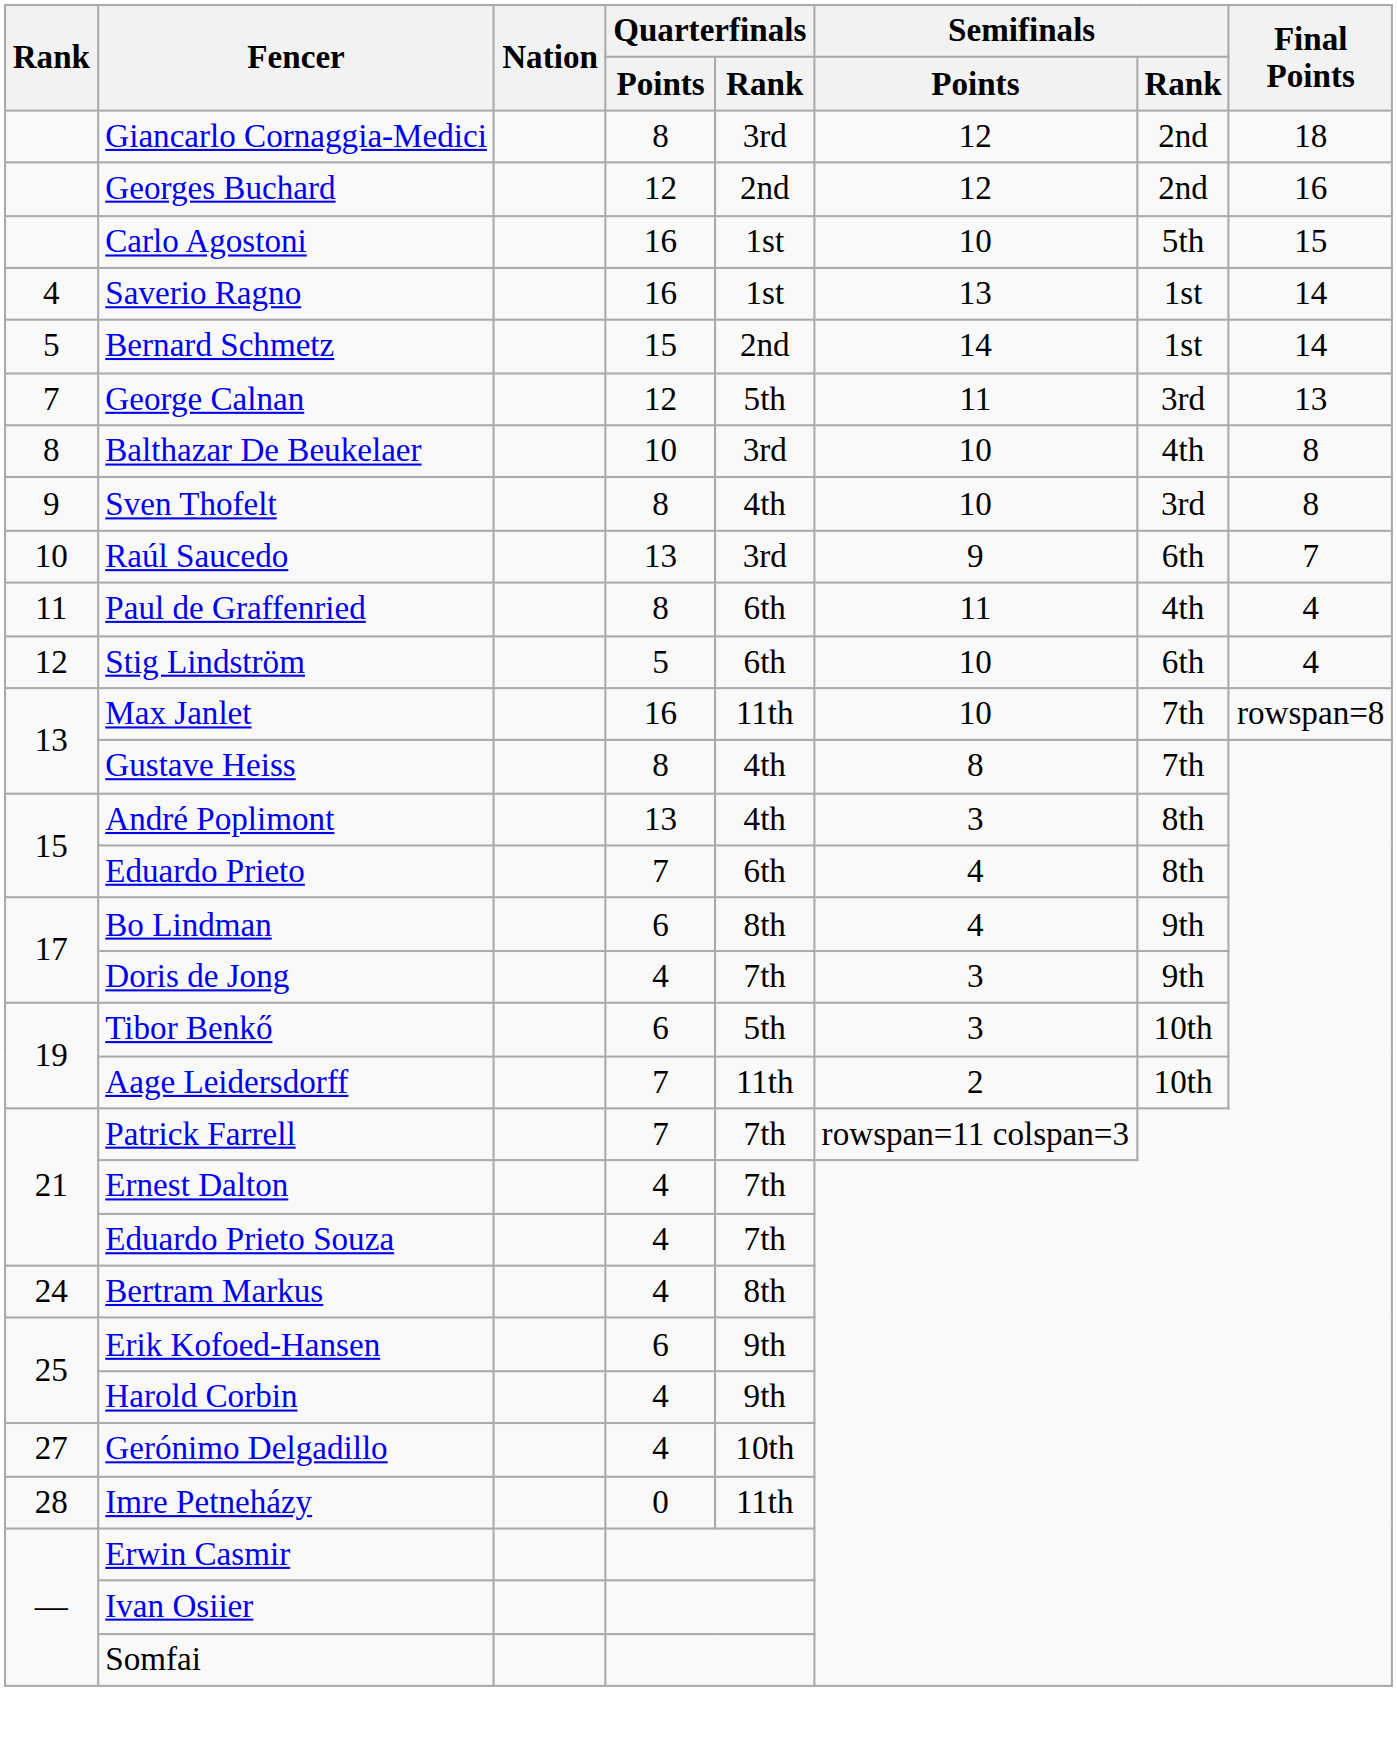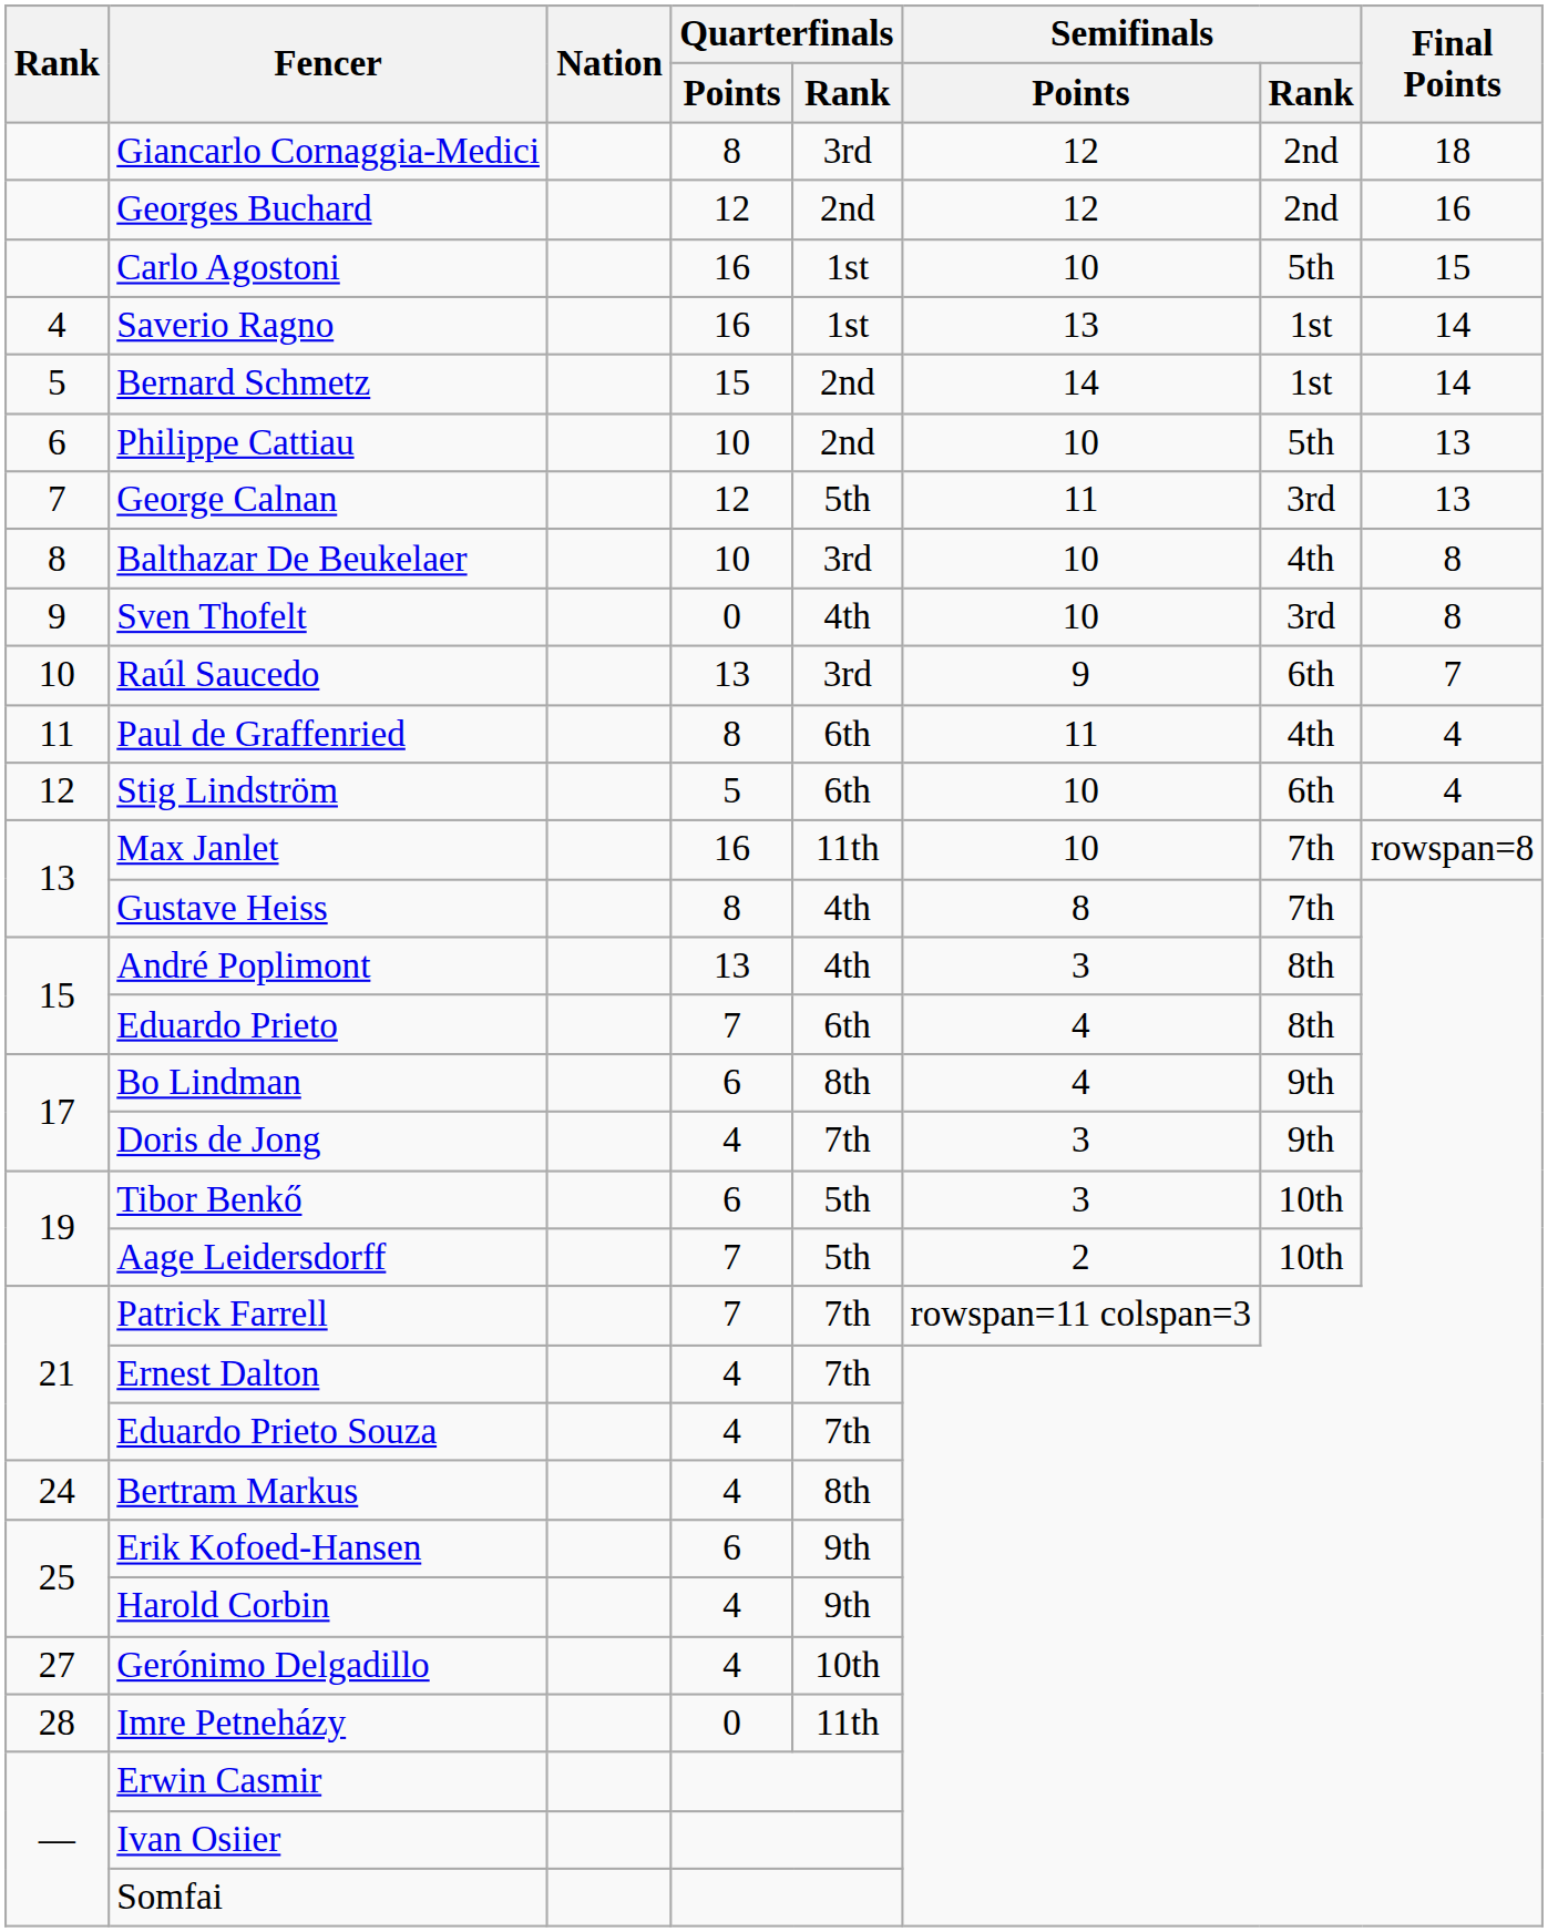 <table class="wikitable sortable" style="text-align:center">
 <tr>
 <th rowspan=2>Rank</th>
 <th rowspan=2>Fencer</th>
 <th rowspan=2>Nation</th>
 <th colspan=2>Quarterfinals</th>
 <th colspan=2>Semifinals</th>
 <th rowspan=2>Final<br>Points</th>
 </tr>
 <tr>
 <th>Points</th>
 <th>Rank</th>
 <th>Points</th>
 <th>Rank</th>
 </tr>
 <tr>
 <td></td>
 <td align=left><a href='#'>Giancarlo Cornaggia-Medici</a></td>
 <td align=left></td>
 <td>8</td>
 <td data-sort-value=3>3rd</td>
 <td>12</td>
 <td data-sort-value=2>2nd</td>
 <td>18</td>
 </tr>
 <tr>
 <td></td>
 <td align=left><a href='#'>Georges Buchard</a></td>
 <td align=left></td>
 <td>12</td>
 <td data-sort-value=2>2nd</td>
 <td>12</td>
 <td data-sort-value=2>2nd</td>
 <td>16</td>
 </tr>
 <tr>
 <td></td>
 <td align=left><a href='#'>Carlo Agostoni</a></td>
 <td align=left></td>
 <td>16</td>
 <td data-sort-value=1>1st</td>
 <td>10</td>
 <td data-sort-value=5>5th</td>
 <td>15</td>
 </tr>
 <tr>
 <td>4</td>
 <td align=left><a href='#'>Saverio Ragno</a></td>
 <td align=left></td>
 <td>16</td>
 <td data-sort-value=1>1st</td>
 <td>13</td>
 <td data-sort-value=1>1st</td>
 <td>14</td>
 </tr>
 <tr>
 <td>5</td>
 <td align=left><a href='#'>Bernard Schmetz</a></td>
 <td align=left></td>
 <td>15</td>
 <td data-sort-value=2>2nd</td>
 <td>14</td>
 <td data-sort-value=1>1st</td>
 <td>14</td>
 </tr>
 <tr>
+<td>6</td>
+<td align=left><a href='#'>Philippe Cattiau</a></td>
+<td align=left></td>
+<td>10</td>
+<td data-sort-value=2>2nd</td>
+<td>10</td>
+<td data-sort-value=5>5th</td>
+<td>13</td>
+</tr>
+<tr>
 <td>7</td>
 <td align=left><a href='#'>George Calnan</a></td>
 <td align=left></td>
 <td>12</td>
 <td data-sort-value=5>5th</td>
 <td>11</td>
 <td data-sort-value=3>3rd</td>
 <td>13</td>
 </tr>
 <tr>
 <td>8</td>
 <td align=left><a href='#'>Balthazar De Beukelaer</a></td>
 <td align=left></td>
 <td>10</td>
 <td data-sort-value=3>3rd</td>
 <td>10</td>
 <td data-sort-value=4>4th</td>
 <td>8</td>
 </tr>
 <tr>
 <td>9</td>
 <td align=left><a href='#'>Sven Thofelt</a></td>
 <td align=left></td>
-<td>8</td>
+<td>0</td>
 <td data-sort-value=4>4th</td>
 <td>10</td>
 <td data-sort-value=3>3rd</td>
 <td>8</td>
 </tr>
 <tr>
 <td>10</td>
 <td align=left><a href='#'>Raúl Saucedo</a></td>
 <td align=left></td>
 <td>13</td>
 <td data-sort-value=3>3rd</td>
 <td>9</td>
 <td data-sort-value=6>6th</td>
 <td>7</td>
 </tr>
 <tr>
 <td>11</td>
 <td align=left><a href='#'>Paul de Graffenried</a></td>
 <td align=left></td>
 <td>8</td>
 <td data-sort-value=6>6th</td>
 <td>11</td>
 <td data-sort-value=4>4th</td>
 <td>4</td>
 </tr>
 <tr>
 <td>12</td>
 <td align=left><a href='#'>Stig Lindström</a></td>
 <td align=left></td>
 <td>5</td>
 <td data-sort-value=6>6th</td>
 <td>10</td>
 <td data-sort-value=6>6th</td>
 <td>4</td>
 </tr>
 <tr>
 <td rowspan=2>13</td>
 <td align=left><a href='#'>Max Janlet</a></td>
 <td align=left></td>
 <td>16</td>
 <td data-sort-value=11>11th</td>
 <td>10</td>
 <td data-sort-value=7>7th</td>
 <td>rowspan=8 </td>
 </tr>
 <tr>
 <td align=left><a href='#'>Gustave Heiss</a></td>
 <td align=left></td>
 <td>8</td>
 <td data-sort-value=4>4th</td>
 <td>8</td>
 <td data-sort-value=7>7th</td>
 </tr>
 <tr>
 <td rowspan=2>15</td>
 <td align=left><a href='#'>André Poplimont</a></td>
 <td align=left></td>
 <td>13</td>
 <td data-sort-value=4>4th</td>
 <td>3</td>
 <td data-sort-value=8>8th</td>
 </tr>
 <tr>
 <td align=left><a href='#'>Eduardo Prieto</a></td>
 <td align=left></td>
 <td>7</td>
 <td data-sort-value=6>6th</td>
 <td>4</td>
 <td data-sort-value=8>8th</td>
 </tr>
 <tr>
 <td rowspan=2>17</td>
 <td align=left><a href='#'>Bo Lindman</a></td>
 <td align=left></td>
 <td>6</td>
 <td data-sort-value=8>8th</td>
 <td>4</td>
 <td data-sort-value=9>9th</td>
 </tr>
 <tr>
 <td align=left><a href='#'>Doris de Jong</a></td>
 <td align=left></td>
 <td>4</td>
 <td data-sort-value=7>7th</td>
 <td>3</td>
 <td data-sort-value=9>9th</td>
 </tr>
 <tr>
 <td rowspan=2>19</td>
 <td align=left><a href='#'>Tibor Benkő</a></td>
 <td align=left></td>
 <td>6</td>
 <td data-sort-value=5>5th</td>
 <td>3</td>
 <td data-sort-value=10>10th</td>
 </tr>
 <tr>
 <td align=left><a href='#'>Aage Leidersdorff</a></td>
 <td align=left></td>
 <td>7</td>
-<td data-sort-value=11>11th</td>
+<td data-sort-value=5>5th</td>
 <td>2</td>
 <td data-sort-value=10>10th</td>
 </tr>
 <tr>
 <td rowspan=3>21</td>
 <td align=left><a href='#'>Patrick Farrell</a></td>
 <td align=left></td>
 <td>7</td>
 <td data-sort-value=7>7th</td>
 <td>rowspan=11 colspan=3 </td>
 </tr>
 <tr>
 <td align=left><a href='#'>Ernest Dalton</a></td>
 <td align=left></td>
 <td>4</td>
 <td data-sort-value=7>7th</td>
 </tr>
 <tr>
 <td align=left><a href='#'>Eduardo Prieto Souza</a></td>
 <td align=left></td>
 <td>4</td>
 <td data-sort-value=7>7th</td>
 </tr>
 <tr>
 <td>24</td>
 <td align=left><a href='#'>Bertram Markus</a></td>
 <td align=left></td>
 <td>4</td>
 <td data-sort-value=8>8th</td>
 </tr>
 <tr>
 <td rowspan=2>25</td>
 <td align=left><a href='#'>Erik Kofoed-Hansen</a></td>
 <td align=left></td>
 <td>6</td>
 <td data-sort-value=9>9th</td>
 </tr>
 <tr>
 <td align=left><a href='#'>Harold Corbin</a></td>
 <td align=left></td>
 <td>4</td>
 <td data-sort-value=9>9th</td>
 </tr>
 <tr>
 <td>27</td>
 <td align=left><a href='#'>Gerónimo Delgadillo</a></td>
 <td align=left></td>
 <td>4</td>
 <td data-sort-value=10>10th</td>
 </tr>
 <tr>
 <td>28</td>
 <td align=left><a href='#'>Imre Petneházy</a></td>
 <td align=left></td>
 <td>0</td>
 <td data-sort-value=11>11th</td>
 </tr>
 <tr>
 <td rowspan=3 data-sort-value=29>—</td>
 <td align=left><a href='#'>Erwin Casmir</a></td>
 <td align=left></td>
 <td colspan=2></td>
 </tr>
 <tr>
 <td align=left><a href='#'>Ivan Osiier</a></td>
 <td align=left></td>
 <td colspan=2></td>
 </tr>
 <tr>
 <td align=left>Somfai</td>
 <td align=left></td>
 <td colspan=2></td>
 </tr>
 </table>
